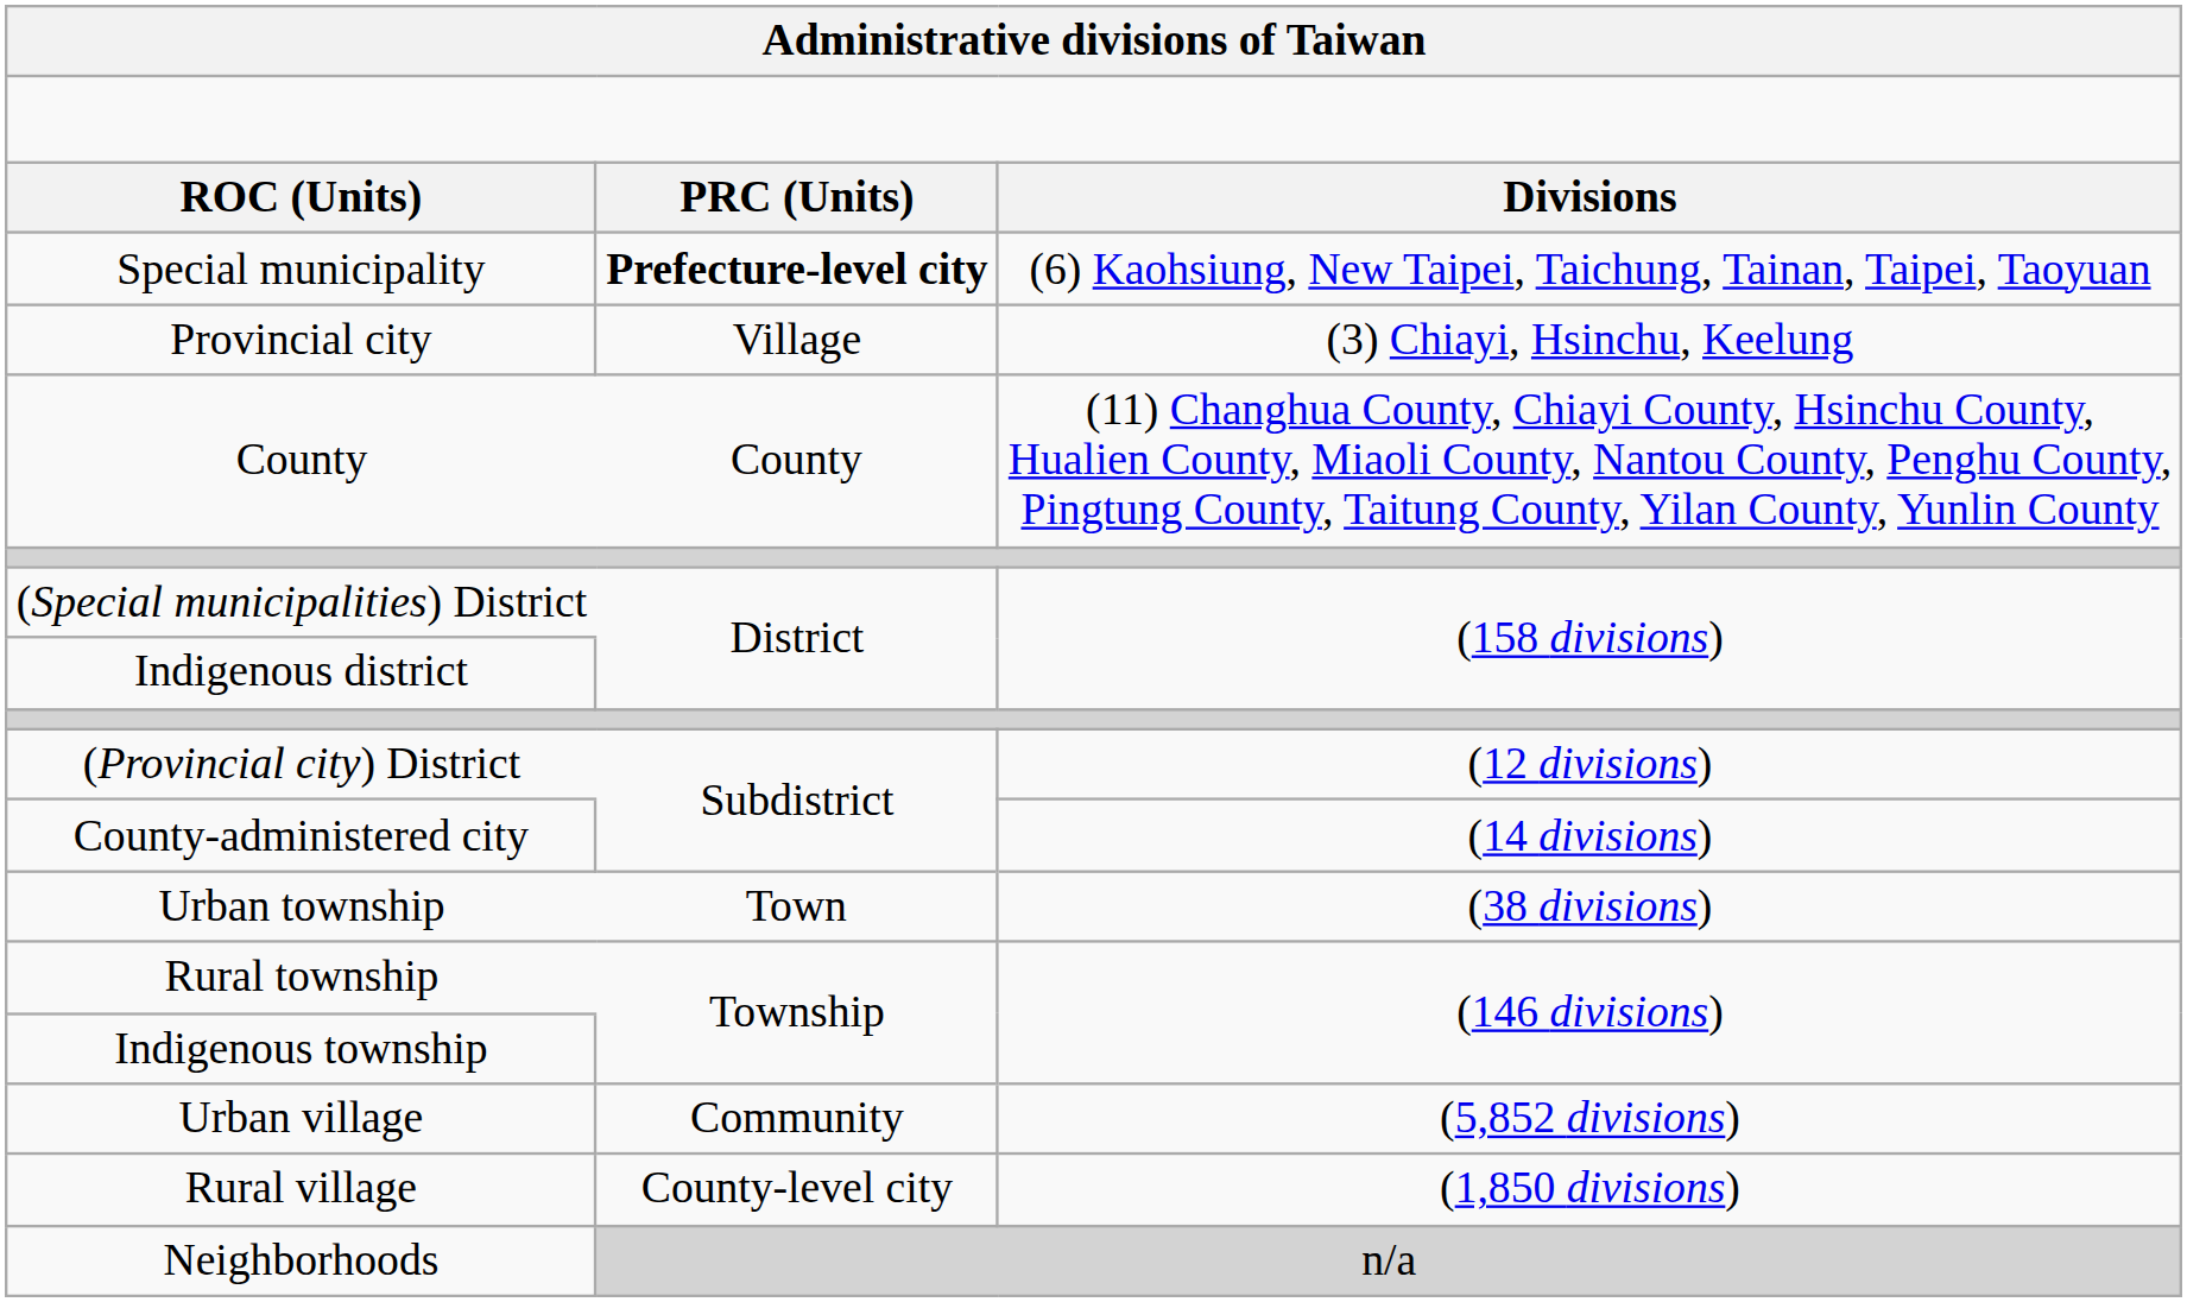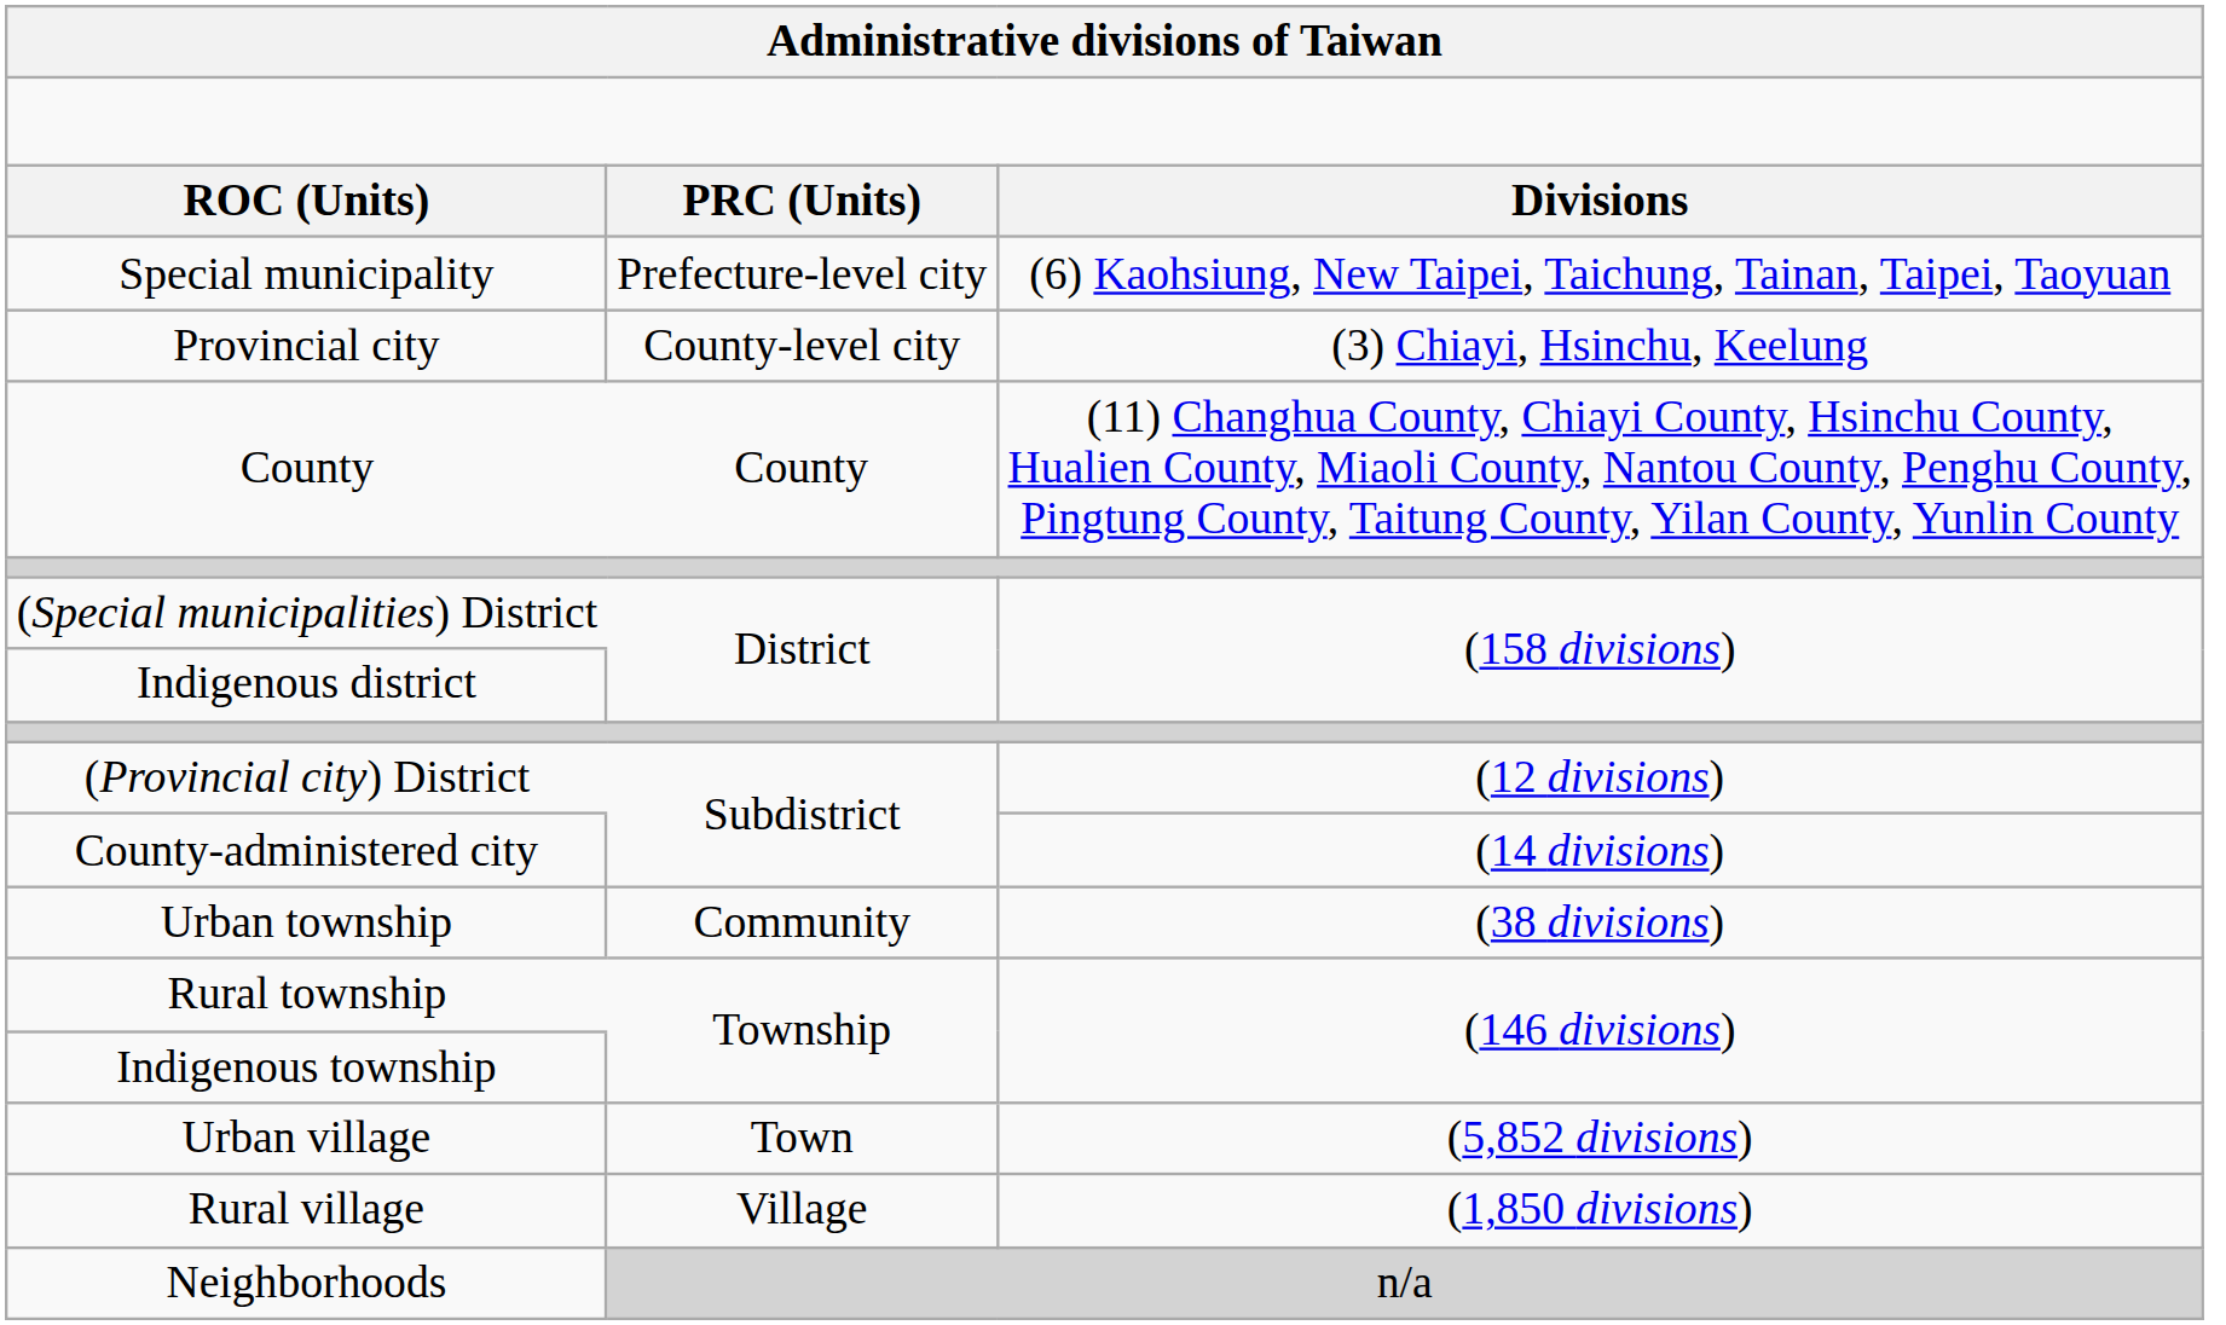 <table class="wikitable" | style="text-align:center">
 <tr>
 <th colspan="9">Administrative divisions of Taiwan</th>
 </tr>
 <tr>
 <td colspan="9" style="font-size: larger;"><div><br>                      </div></td>
 </tr>
 <tr>
 <th>ROC (Units)</th>
 <th>PRC (Units)</th>
 <th>Divisions</th>
 </tr>
 <tr>
 <td>Special municipality </td>
-<td><strong>Prefecture-level city </strong></td>
+<td>Prefecture-level city </td>
 <td>(6) <a href='#'>Kaohsiung</a>, <a href='#'>New Taipei</a>, <a href='#'>Taichung</a>, <a href='#'>Tainan</a>, <a href='#'>Taipei</a>, <a href='#'>Taoyuan</a></td>
 </tr>
 <tr>
 <td>Provincial city </td>
-<td>Village </td>
+<td>County-level city <br></td>
 <td>(3) <a href='#'>Chiayi</a>, <a href='#'>Hsinchu</a>, <a href='#'>Keelung</a></td>
 </tr>
 <tr>
 <td style="border-right:none">County </td>
 <td style="border-left:none">County <br></td>
 <td>(11) <a href='#'>Changhua County</a>, <a href='#'>Chiayi County</a>, <a href='#'>Hsinchu County</a>,<br><a href='#'>Hualien County</a>, <a href='#'>Miaoli County</a>, <a href='#'>Nantou County</a>, <a href='#'>Penghu County</a>,<br><a href='#'>Pingtung County</a>, <a href='#'>Taitung County</a>, <a href='#'>Yilan County</a>, <a href='#'>Yunlin County</a></td>
 </tr>
 <tr>
 <td colspan="3" bgcolor="lightgrey"></td>
 </tr>
 <tr>
 <td style="border-right:none">(<em>Special municipalities</em>) District </td>
 <td rowspan="2" style="border-bottom:none; border-left:none">District </td>
 <td rowspan="2">(<a href='#'>158 <em>divisions</em></a>)</td>
 </tr>
 <tr>
 <td>Indigenous district </td>
 </tr>
 <tr>
 <td colspan="3" bgcolor="lightgrey"></td>
 </tr>
 <tr>
 <td style="border-right:none">(<em>Provincial city</em>) District </td>
 <td rowspan="2" style="border-bottom:none; border-left:none">Subdistrict </td>
 <td>(<a href='#'>12 <em>divisions</em></a>)</td>
 </tr>
 <tr>
 <td>County-administered city </td>
 <td>(<a href='#'>14 <em>divisions</em></a>)</td>
 </tr>
 <tr>
 <td style="border-right:none">Urban township </td>
-<td style="border-left:none">Town </td>
+<td>Community </td>
 <td>(<a href='#'>38 <em>divisions</em></a>)</td>
 </tr>
 <tr>
 <td style="border-right:none">Rural township </td>
 <td rowspan="2" style="border-bottom:none; border-left:none">Township </td>
 <td rowspan="2">(<a href='#'>146 <em>divisions</em></a>)</td>
 </tr>
 <tr>
 <td>Indigenous township </td>
 </tr>
 <tr>
 <td>Urban village </td>
-<td>Community </td>
+<td style="border-left:none">Town </td>
 <td>(<a href='#'>5,852 <em>divisions</em></a>)</td>
 </tr>
 <tr>
 <td>Rural village </td>
-<td>County-level city <br></td>
+<td>Village </td>
 <td>(<a href='#'>1,850 <em>divisions</em></a>)</td>
 </tr>
 <tr>
 <td>Neighborhoods </td>
 <td colspan="2" bgcolor="lightgrey">n/a</td>
 </tr>
 </table>
